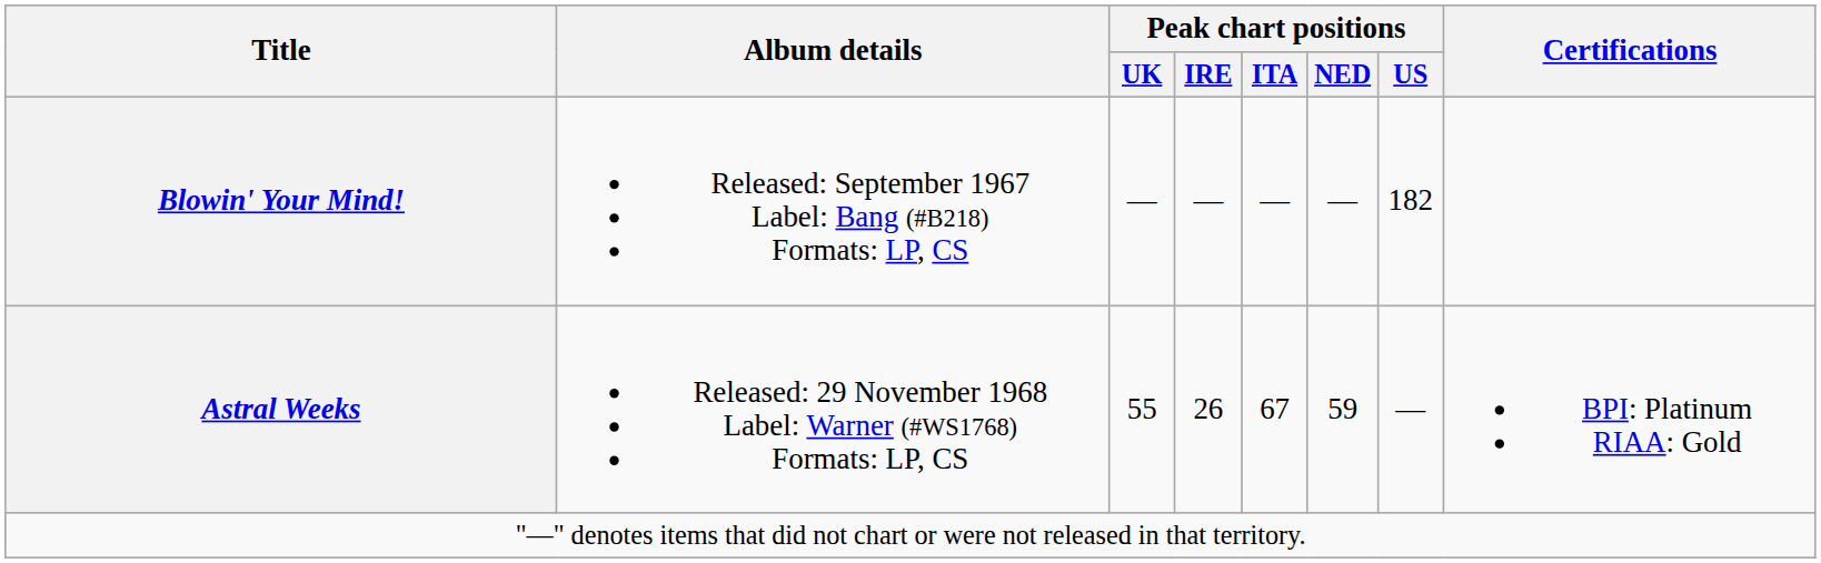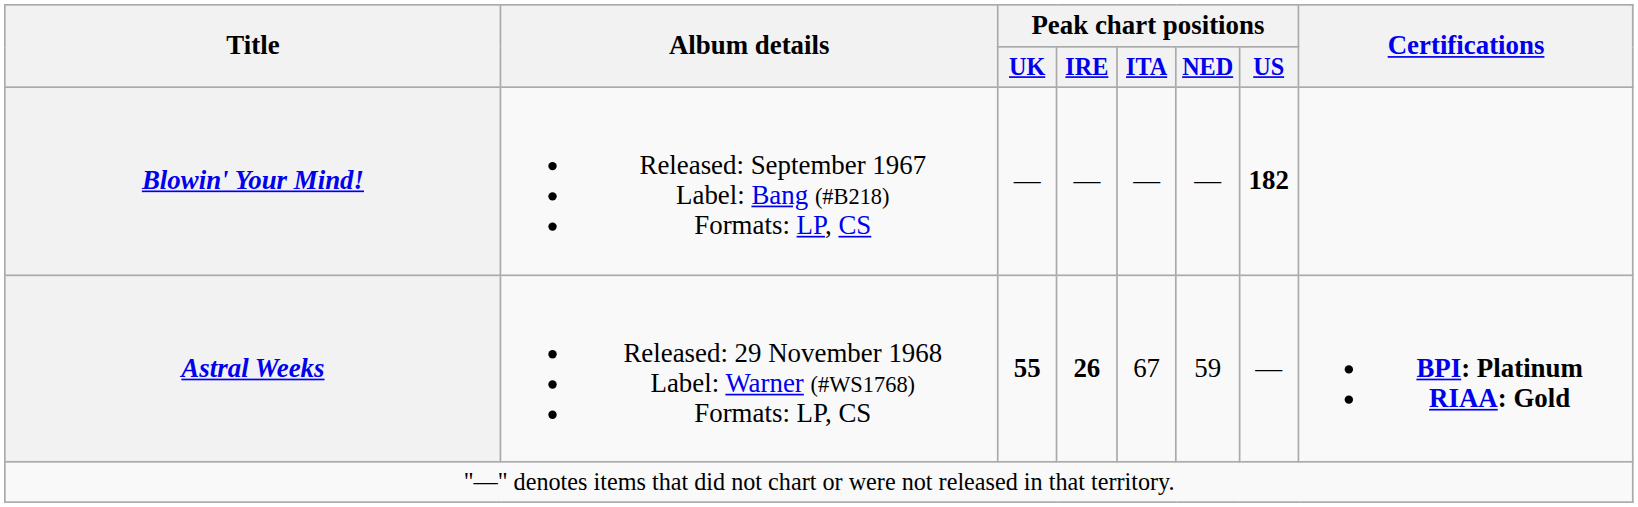 <table class="wikitable plainrowheaders" style="text-align:center;">
 <tr>
 <th scope="col" rowspan="2" style="width:18em;">Title</th>
 <th scope="col" rowspan="2" style="width:18em;">Album details</th>
 <th scope="col" colspan="5">Peak chart positions</th>
 <th scope="col" rowspan="2" style="width:12em;"><a href='#'>Certifications</a></th>
 </tr>
 <tr>
 <th style="width:2em;font-size:90%;"><a href='#'>UK</a><br></th>
 <th style="width:2em;font-size:90%;"><a href='#'>IRE</a><br></th>
 <th style="width:2em;font-size:90%;"><a href='#'>ITA</a><br></th>
 <th style="width:2em;font-size:90%;"><a href='#'>NED</a><br></th>
 <th style="width:2em;font-size:90%;"><a href='#'>US</a><br></th>
 </tr>
 <tr>
 <th scope="row"><em><a href='#'>Blowin' Your Mind!</a></em></th>
 <td><br><ul><li>Released: September 1967</li><li>Label: <a href='#'>Bang</a> <small>(#B218)</small></li><li>Formats: <a href='#'>LP</a>, <a href='#'>CS</a></li></ul></td>
 <td>—</td>
 <td>—</td>
 <td>—</td>
 <td>—</td>
-<td>182</td>
+<td><strong>182</strong></td>
 <td></td>
 </tr>
 <tr>
 <th scope="row"><em><a href='#'>Astral Weeks</a></em></th>
 <td><br><ul><li>Released: 29 November 1968</li><li>Label: <a href='#'>Warner</a> <small>(#WS1768)</small></li><li>Formats: LP, CS</li></ul></td>
-<td>55<br></td>
-<td>26<br></td>
+<td><strong>55<br></strong></td>
+<td><strong>26<br></strong></td>
 <td>67<br></td>
 <td>59<br></td>
 <td>—<br></td>
-<td><br><ul><li><a href='#'>BPI</a>: Platinum</li><li><a href='#'>RIAA</a>: Gold </li></ul></td>
+<td><strong><br><ul><li><a href='#'>BPI</a>: Platinum</li><li><a href='#'>RIAA</a>: Gold </li></ul></strong></td>
 </tr>
 <tr>
 <td align="center" colspan="15" style="font-size:90%">"—" denotes items that did not chart or were not released in that territory.</td>
 </tr>
 </table>
